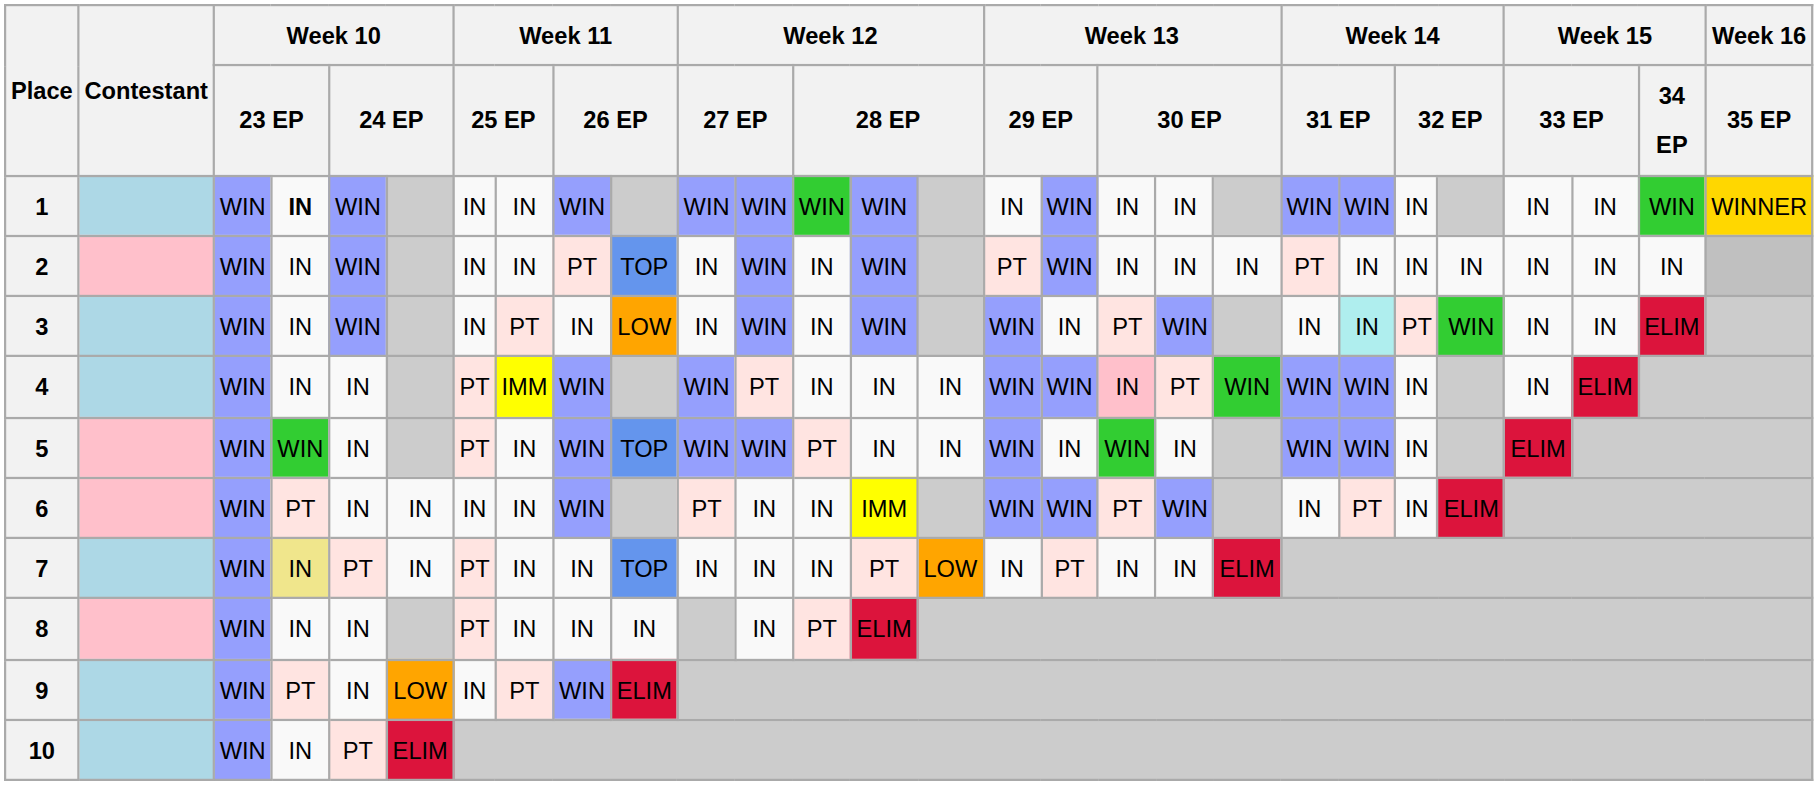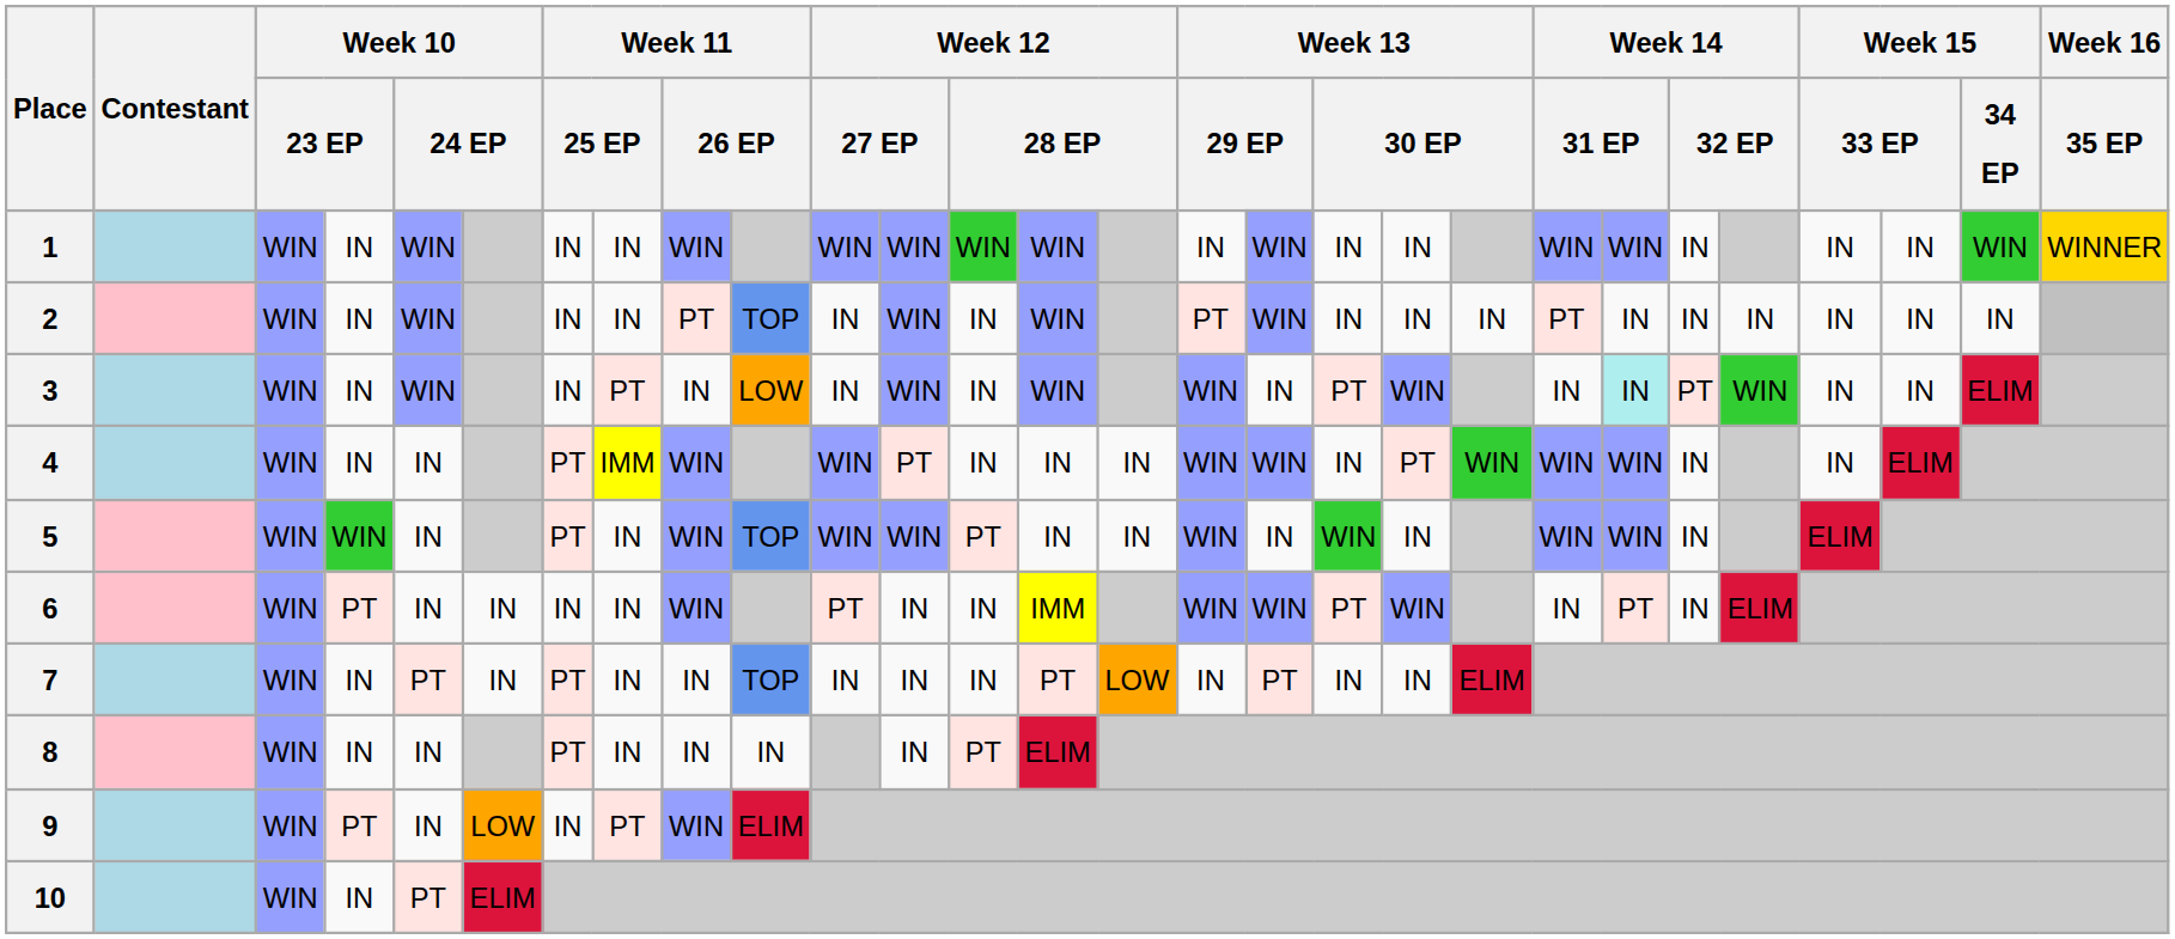 <table class="wikitable" style="text-align: center; font-size: 8pt; line-height:22px; width: 10%">
 <tr>
 <th rowspan="2">Place</th>
 <th rowspan="2">Contestant</th>
 <th colspan="4">Week 10</th>
 <th colspan="4">Week 11</th>
 <th colspan="5">Week 12</th>
 <th colspan="5">Week 13</th>
 <th colspan="4">Week 14</th>
 <th colspan="3">Week 15</th>
 <th>Week 16</th>
 </tr>
 <tr>
 <th colspan=2>23 EP</th>
 <th colspan=2>24 EP</th>
 <th colspan=2>25 EP</th>
 <th colspan=2>26 EP</th>
 <th colspan=2>27 EP</th>
 <th colspan=3>28 EP</th>
 <th colspan=2>29 EP</th>
 <th colspan=3>30 EP</th>
 <th colspan=2>31 EP</th>
 <th colspan=2>32 EP</th>
 <th colspan=2>33 EP</th>
 <th colspan=1>34 EP</th>
 <th colspan=1>35 EP</th>
 </tr>
 <tr>
 <th width=10>1</th>
 <td width=65 bgcolor=ADD8E6></td>
 <td bgcolor=959FFD>WIN</td>
-<td width=25><strong>IN</strong></td>
+<td width=25>IN</td>
 <td bgcolor=959FFD>WIN</td>
 <td width=50 bgcolor=CCCCCC></td>
 <td width=25>IN</td>
 <td width=25>IN</td>
 <td bgcolor=959FFD>WIN</td>
 <td width=50 bgcolor=CCCCCC></td>
 <td bgcolor=959FFD>WIN</td>
 <td bgcolor=959FFD>WIN</td>
 <td bgcolor=32CD32>WIN</td>
 <td bgcolor=959FFD>WIN</td>
 <td width=50 bgcolor=CCCCCC></td>
 <td width=25>IN</td>
 <td bgcolor=959FFD>WIN</td>
 <td width=25>IN</td>
 <td width=25>IN</td>
 <td width=50 bgcolor=CCCCCC></td>
 <td bgcolor=959FFD>WIN</td>
 <td bgcolor=959FFD>WIN</td>
 <td width=25>IN</td>
 <td width=50 bgcolor=CCCCCC></td>
 <td width=25>IN</td>
 <td width=25>IN</td>
 <td bgcolor=32CD32>WIN</td>
 <td width="50" bgcolor="FFD700">WINNER</td>
 </tr>
 <tr>
 <th width=10>2</th>
 <td width=65 bgcolor=FFC0CB></td>
 <td bgcolor=959FFD>WIN</td>
 <td width=25>IN</td>
 <td bgcolor=959FFD>WIN</td>
 <td width=50 bgcolor=CCCCCC></td>
 <td width=25>IN</td>
 <td width=25>IN</td>
 <td width=25 bgcolor=FFE4E1>PT</td>
 <td width=25 bgcolor=#6495ED>TOP</td>
 <td width=25>IN</td>
 <td bgcolor=959FFD>WIN</td>
 <td width=25>IN</td>
 <td bgcolor=959FFD>WIN</td>
 <td width=50 bgcolor=CCCCCC></td>
 <td width=25 bgcolor=FFE4E1>PT</td>
 <td bgcolor=959FFD>WIN</td>
 <td width=25>IN</td>
 <td width=25>IN</td>
 <td width=25>IN</td>
 <td width=25 bgcolor=FFE4E1>PT</td>
 <td width=25>IN</td>
 <td width=25>IN</td>
 <td width=25>IN</td>
 <td width=25>IN</td>
 <td width=25>IN</td>
 <td width=25>IN</td>
 <td bgcolor="C0C0C0"></td>
 </tr>
 <tr>
 <th width=10>3</th>
 <td width=65 bgcolor=ADD8E6></td>
 <td bgcolor=959FFD>WIN</td>
 <td width=25>IN</td>
 <td bgcolor=959FFD>WIN</td>
 <td width=50 bgcolor=CCCCCC></td>
 <td width=25>IN</td>
 <td width=25 bgcolor=FFE4E1>PT</td>
 <td width=25>IN</td>
 <td bgcolor=FFA500>LOW</td>
 <td width=25>IN</td>
 <td bgcolor=959FFD>WIN</td>
 <td width=25>IN</td>
 <td bgcolor=959FFD>WIN</td>
 <td width=50 bgcolor=CCCCCC></td>
 <td bgcolor=959FFD>WIN</td>
 <td width=25>IN</td>
 <td width=25 bgcolor=FFE4E1>PT</td>
 <td bgcolor=959FFD>WIN</td>
 <td width=50 bgcolor=CCCCCC></td>
 <td width=25>IN</td>
 <td width=25 style="background: paleturquoise;">IN</td>
 <td width=25 bgcolor=FFE4E1>PT</td>
 <td bgcolor=32CD32>WIN</td>
 <td width=25>IN</td>
 <td width=25>IN</td>
 <td bgcolor=DC143C>ELIM</td>
 <td width="50" bgcolor="CCCCCC"></td>
 </tr>
 <tr>
 <th width=10>4</th>
 <td width=65 bgcolor=ADD8E6></td>
 <td bgcolor=959FFD>WIN</td>
 <td width=25>IN</td>
 <td width=25>IN</td>
 <td width=50 bgcolor=CCCCCC></td>
 <td width=25 bgcolor=FFE4E1>PT</td>
 <td width=25 bgcolor=FFFF00>IMM</td>
 <td bgcolor=959FFD>WIN</td>
 <td width=50 bgcolor=CCCCCC></td>
 <td bgcolor=959FFD>WIN</td>
 <td width=25 bgcolor=FFE4E1>PT</td>
 <td width=25>IN</td>
 <td width=25>IN</td>
 <td width=25>IN</td>
 <td bgcolor=959FFD>WIN</td>
 <td bgcolor=959FFD>WIN</td>
-<td width=25 style="background: pink;">IN</td>
+<td width=25>IN</td>
 <td width=25 bgcolor=FFE4E1>PT</td>
 <td bgcolor=32CD32>WIN</td>
 <td bgcolor=959FFD>WIN</td>
 <td bgcolor=959FFD>WIN</td>
 <td width=25>IN</td>
 <td width=50 bgcolor=CCCCCC></td>
 <td width=25>IN</td>
 <td bgcolor=DC143C>ELIM</td>
 <td colspan="2" width="50" bgcolor="CCCCCC"></td>
 </tr>
 <tr>
 <th width=10>5</th>
 <td width=65 bgcolor=FFC0CB></td>
 <td bgcolor=959FFD>WIN</td>
 <td bgcolor=32CD32>WIN</td>
 <td width=25>IN</td>
 <td width=50 bgcolor=CCCCCC></td>
 <td width=25 bgcolor=FFE4E1>PT</td>
 <td width=25>IN</td>
 <td bgcolor=959FFD>WIN</td>
 <td width=25 bgcolor=#6495ED>TOP</td>
 <td bgcolor=959FFD>WIN</td>
 <td bgcolor=959FFD>WIN</td>
 <td width=25 bgcolor=FFE4E1>PT</td>
 <td width=25>IN</td>
 <td width=25>IN</td>
 <td bgcolor=959FFD>WIN</td>
 <td width=25>IN</td>
 <td bgcolor=32CD32>WIN</td>
 <td width=25>IN</td>
 <td width=50 bgcolor=CCCCCC></td>
 <td bgcolor=959FFD>WIN</td>
 <td bgcolor=959FFD>WIN</td>
 <td width=25>IN</td>
 <td width=50 bgcolor=CCCCCC></td>
 <td bgcolor=DC143C>ELIM</td>
 <td colspan="3" width="50" bgcolor="CCCCCC"></td>
 </tr>
 <tr>
 <th width=10>6</th>
 <td width=65 bgcolor=FFC0CB></td>
 <td bgcolor=959FFD>WIN</td>
 <td width=25 bgcolor=FFE4E1>PT</td>
 <td width=25>IN</td>
 <td width=25>IN</td>
 <td width=25>IN</td>
 <td width=25>IN</td>
 <td bgcolor=959FFD>WIN</td>
 <td width=50 bgcolor=CCCCCC></td>
 <td width=25 bgcolor=FFE4E1>PT</td>
 <td width=25>IN</td>
 <td width=25>IN</td>
 <td width=25 bgcolor=FFFF00>IMM</td>
 <td width=50 bgcolor=CCCCCC></td>
 <td bgcolor=959FFD>WIN</td>
 <td bgcolor=959FFD>WIN</td>
 <td width=25 bgcolor=FFE4E1>PT</td>
 <td bgcolor=959FFD>WIN</td>
 <td width=50 bgcolor=CCCCCC></td>
 <td width=25>IN</td>
 <td width=25 bgcolor=FFE4E1>PT</td>
 <td width=25>IN</td>
 <td bgcolor=DC143C>ELIM</td>
 <td colspan="4" width="50" bgcolor="CCCCCC"></td>
 </tr>
 <tr>
 <th width=10>7</th>
 <td width=65 bgcolor=ADD8E6></td>
 <td bgcolor=959FFD>WIN</td>
-<td width=25 style="background: khaki;">IN</td>
+<td width=25>IN</td>
 <td width=25 bgcolor=FFE4E1>PT</td>
 <td width=25>IN</td>
 <td width=25 bgcolor=FFE4E1>PT</td>
 <td width=25>IN</td>
 <td width=25>IN</td>
 <td width=25 bgcolor=#6495ED>TOP</td>
 <td width=25>IN</td>
 <td width=25>IN</td>
 <td width=25>IN</td>
 <td width=25 bgcolor=FFE4E1>PT</td>
 <td bgcolor=FFA500>LOW</td>
 <td width=25>IN</td>
 <td width=25 bgcolor=FFE4E1>PT</td>
 <td width=25>IN</td>
 <td width=25>IN</td>
 <td bgcolor=DC143C>ELIM</td>
 <td colspan="8" width="50" bgcolor="CCCCCC"></td>
 </tr>
 <tr>
 <th width=10>8</th>
 <td width=65 bgcolor=FFC0CB></td>
 <td bgcolor=959FFD>WIN</td>
 <td width=25>IN</td>
 <td width=25>IN</td>
 <td width=50 bgcolor=CCCCCC></td>
 <td width=25 bgcolor=FFE4E1>PT</td>
 <td width=25>IN</td>
 <td width=25>IN</td>
 <td width=25>IN</td>
 <td width=50 bgcolor=CCCCCC></td>
 <td width=25>IN</td>
 <td width=25 bgcolor=FFE4E1>PT</td>
 <td bgcolor=DC143C>ELIM</td>
 <td colspan="14" width="50" bgcolor="CCCCCC"></td>
 </tr>
 <tr>
 <th width=10>9</th>
 <td width=65 bgcolor=ADD8E6></td>
 <td bgcolor=959FFD>WIN</td>
 <td width=25 bgcolor=FFE4E1>PT</td>
 <td width=25>IN</td>
 <td bgcolor=FFA500>LOW</td>
 <td width=25>IN</td>
 <td width=25 bgcolor=FFE4E1>PT</td>
 <td bgcolor=959FFD>WIN</td>
 <td bgcolor=DC143C>ELIM</td>
 <td colspan="18" width="50" bgcolor="CCCCCC"></td>
 </tr>
 <tr>
 <th width=10>10</th>
 <td width=65 bgcolor=ADD8E6></td>
 <td bgcolor=959FFD>WIN</td>
 <td width=25>IN</td>
 <td width=25 bgcolor=FFE4E1>PT</td>
 <td bgcolor=DC143C>ELIM</td>
 <td colspan="22" width="50" bgcolor="CCCCCC"></td>
 </tr>
 </table>
